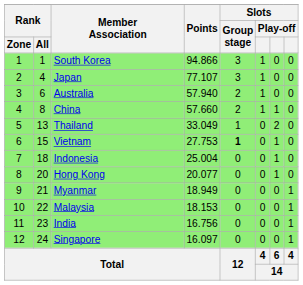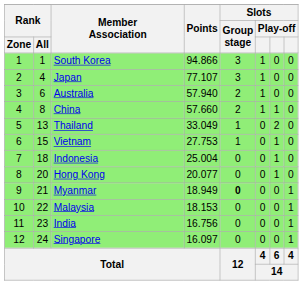 <table class="wikitable" style="text-align:center">
 <tr>
 </tr>
 <tr>
 <th colspan=2 rowspan=2>Rank</th>
 <th rowspan=3 width=200>Member<br>Association</th>
 <th rowspan=3>Points</th>
 <th colspan=4>Slots</th>
 </tr>
 <tr>
 <th rowspan=2>Group<br>stage</th>
 <th colspan=3>Play-off</th>
 </tr>
 <tr>
 <th>Zone</th>
 <th>All</th>
 <th></th>
 <th></th>
 <th></th>
 </tr>
 <tr bgcolor=#90ee77>
 <td>1</td>
 <td>1</td>
 <td align=left> <a href='#'>South Korea</a></td>
 <td>94.866</td>
 <td>3</td>
 <td>1</td>
 <td>0</td>
 <td>0</td>
 </tr>
 <tr bgcolor=#90ee77>
 <td>2</td>
 <td>4</td>
 <td align=left> <a href='#'>Japan</a></td>
 <td>77.107</td>
 <td>3</td>
 <td>1</td>
 <td>0</td>
 <td>0</td>
 </tr>
 <tr bgcolor=#90ee77>
 <td>3</td>
 <td>6</td>
 <td align=left> <a href='#'>Australia</a></td>
 <td>57.940</td>
 <td>2</td>
 <td>1</td>
 <td>0</td>
 <td>0</td>
 </tr>
 <tr bgcolor=#90ee77>
 <td>4</td>
 <td>8</td>
 <td align=left> <a href='#'>China</a></td>
 <td>57.660</td>
 <td>2</td>
 <td>1</td>
 <td>1</td>
 <td>0</td>
 </tr>
 <tr bgcolor=#90ee77>
 <td>5</td>
 <td>13</td>
 <td align=left> <a href='#'>Thailand</a></td>
 <td>33.049</td>
 <td>1</td>
 <td>0</td>
 <td>2</td>
 <td>0</td>
 </tr>
 <tr bgcolor=#90ee77>
 <td>6</td>
 <td>15</td>
 <td align=left> <a href='#'>Vietnam</a></td>
 <td>27.753</td>
-<td><strong>1</strong></td>
+<td>1</td>
 <td>0</td>
 <td>1</td>
 <td>0</td>
 </tr>
 <tr bgcolor=#90ee77>
 <td>7</td>
 <td>18</td>
 <td align=left> <a href='#'>Indonesia</a></td>
 <td>25.004</td>
 <td>0</td>
 <td>0</td>
 <td>1</td>
 <td>0</td>
 </tr>
 <tr bgcolor=#90ee77>
 <td>8</td>
 <td>20</td>
 <td align=left> <a href='#'>Hong Kong</a></td>
 <td>20.077</td>
 <td>0</td>
 <td>0</td>
 <td>1</td>
 <td>0</td>
 </tr>
 <tr bgcolor=#90ee77>
 <td>9</td>
 <td>21</td>
 <td align=left> <a href='#'>Myanmar</a></td>
 <td>18.949</td>
-<td>0</td>
+<td><strong>0</strong></td>
 <td>0</td>
 <td>0</td>
 <td>1</td>
 </tr>
 <tr bgcolor=#90ee77>
 <td>10</td>
 <td>22</td>
 <td align=left> <a href='#'>Malaysia</a></td>
 <td>18.153</td>
 <td>0</td>
 <td>0</td>
 <td>0</td>
 <td>1</td>
 </tr>
 <tr bgcolor=#90ee77>
 <td>11</td>
 <td>23</td>
 <td align=left> <a href='#'>India</a></td>
 <td>16.756</td>
 <td>0</td>
 <td>0</td>
 <td>0</td>
 <td>1</td>
 </tr>
 <tr bgcolor=#90ee77>
 <td>12</td>
 <td>24</td>
 <td align=left> <a href='#'>Singapore</a></td>
 <td>16.097</td>
 <td>0</td>
 <td>0</td>
 <td>0</td>
 <td>1</td>
 </tr>
 <tr>
 <th colspan=4 rowspan=2>Total</th>
 <th rowspan=2>12</th>
 <th>4</th>
 <th>6</th>
 <th>4</th>
 </tr>
 <tr>
 <th colspan=3>14</th>
 </tr>
 </table>
